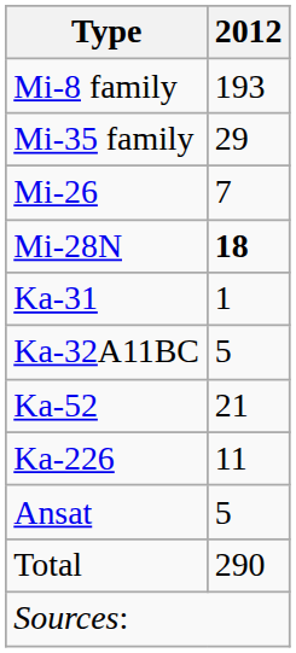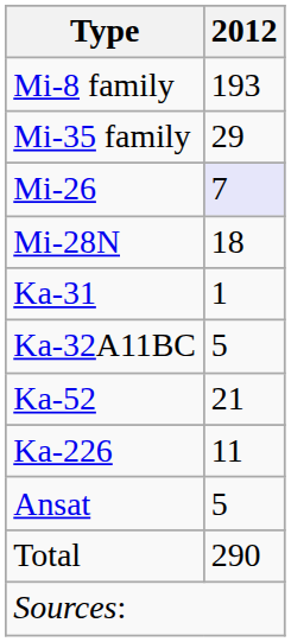 <table class="wikitable">
 <tr>
 <th>Type</th>
 <th>2012</th>
 </tr>
 <tr>
 <td><a href='#'>Mi-8</a> family</td>
 <td>193</td>
 </tr>
 <tr>
 <td><a href='#'>Mi-35</a> family</td>
 <td>29</td>
 </tr>
 <tr>
 <td><a href='#'>Mi-26</a></td>
-<td>7</td>
+<td style="background: lavender;">7</td>
 </tr>
 <tr>
 <td><a href='#'>Mi-28N</a></td>
-<td><strong>18</strong></td>
+<td>18</td>
 </tr>
 <tr>
 <td><a href='#'>Ka-31</a></td>
 <td>1</td>
 </tr>
 <tr>
 <td><a href='#'>Ka-32</a>А11ВС</td>
 <td>5</td>
 </tr>
 <tr>
 <td><a href='#'>Ka-52</a></td>
 <td>21</td>
 </tr>
 <tr>
 <td><a href='#'>Ka-226</a></td>
 <td>11</td>
 </tr>
 <tr>
 <td><a href='#'>Ansat</a></td>
 <td>5</td>
 </tr>
 <tr>
 <td>Total</td>
 <td>290</td>
 </tr>
 <tr>
 <td colspan=8><em>Sources</em>:</td>
 </tr>
 </table>
